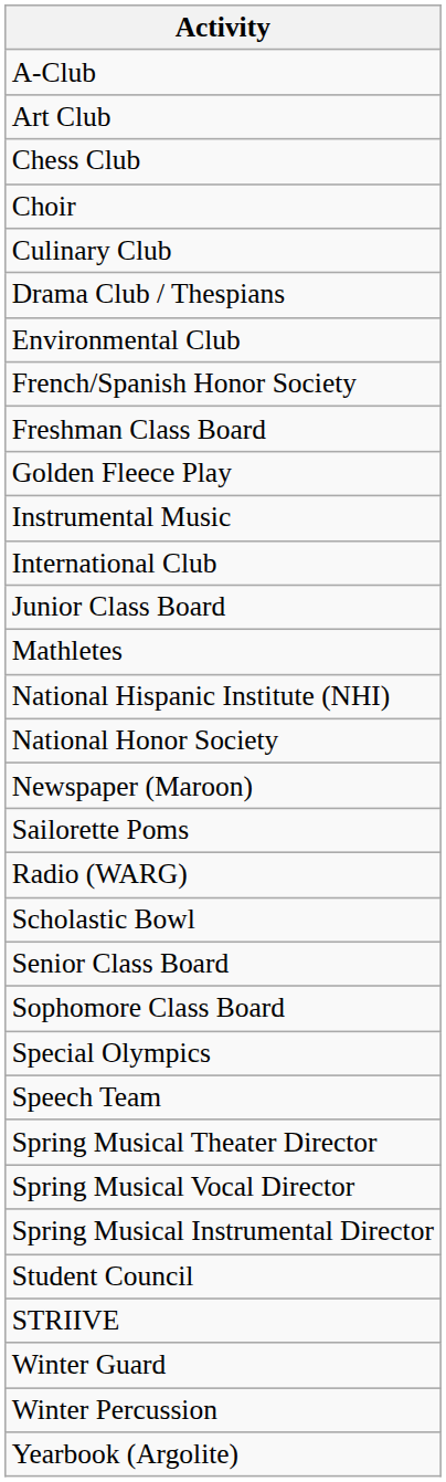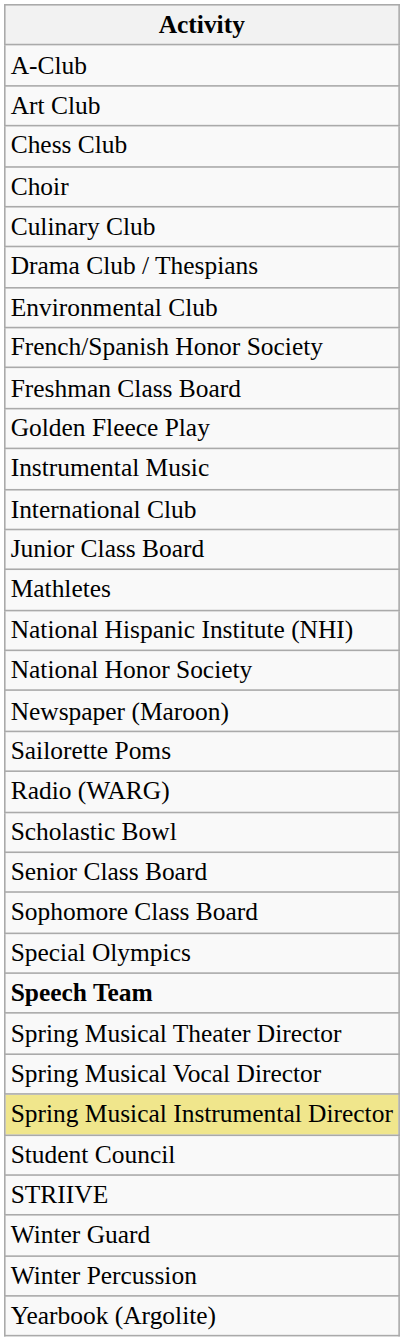 <table class="wikitable">
 <tr>
 <th>Activity</th>
 </tr>
 <tr>
 <td>A-Club</td>
 </tr>
 <tr>
 <td>Art Club</td>
 </tr>
 <tr>
 <td>Chess Club</td>
 </tr>
 <tr>
 <td>Choir</td>
 </tr>
 <tr>
 <td>Culinary Club</td>
 </tr>
 <tr>
 <td>Drama Club / Thespians</td>
 </tr>
 <tr>
 <td>Environmental Club</td>
 </tr>
 <tr>
 <td>French/Spanish Honor Society</td>
 </tr>
 <tr>
 <td>Freshman Class Board</td>
 </tr>
 <tr>
 <td>Golden Fleece Play</td>
 </tr>
 <tr>
 <td>Instrumental Music</td>
 </tr>
 <tr>
 <td>International Club</td>
 </tr>
 <tr>
 <td>Junior Class Board</td>
 </tr>
 <tr>
 <td>Mathletes</td>
 </tr>
 <tr>
 <td>National Hispanic Institute (NHI)</td>
 </tr>
 <tr>
 <td>National Honor Society</td>
 </tr>
 <tr>
 <td>Newspaper (Maroon)</td>
 </tr>
 <tr>
 <td>Sailorette Poms</td>
 </tr>
 <tr>
 <td>Radio (WARG)</td>
 </tr>
 <tr>
 <td>Scholastic Bowl</td>
 </tr>
 <tr>
 <td>Senior Class Board</td>
 </tr>
 <tr>
 <td>Sophomore Class Board</td>
 </tr>
 <tr>
 <td>Special Olympics</td>
 </tr>
 <tr>
-<td>Speech Team</td>
+<td><strong>Speech Team</strong></td>
 </tr>
 <tr>
 <td>Spring Musical Theater Director</td>
 </tr>
 <tr>
 <td>Spring Musical Vocal Director</td>
 </tr>
 <tr>
-<td>Spring Musical Instrumental Director</td>
+<td style="background: khaki;">Spring Musical Instrumental Director</td>
 </tr>
 <tr>
 <td>Student Council</td>
 </tr>
 <tr>
 <td>STRIIVE</td>
 </tr>
 <tr>
 <td>Winter Guard</td>
 </tr>
 <tr>
 <td>Winter Percussion</td>
 </tr>
 <tr>
 <td>Yearbook (Argolite)</td>
 </tr>
 </table>
